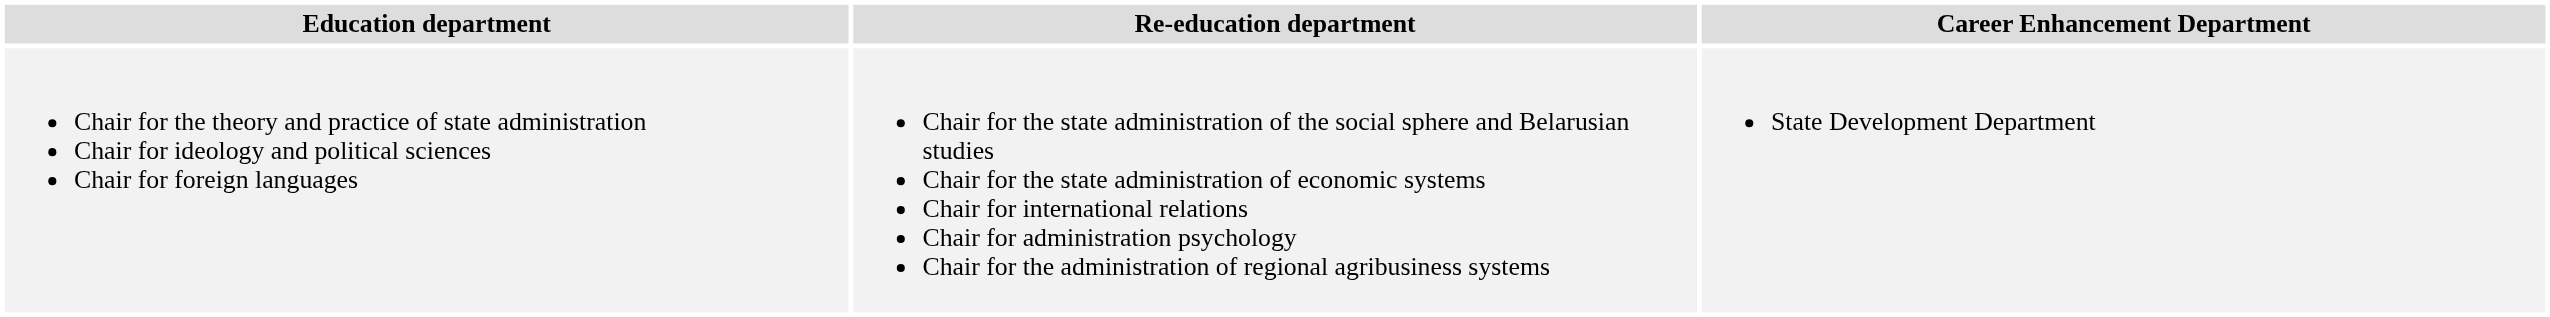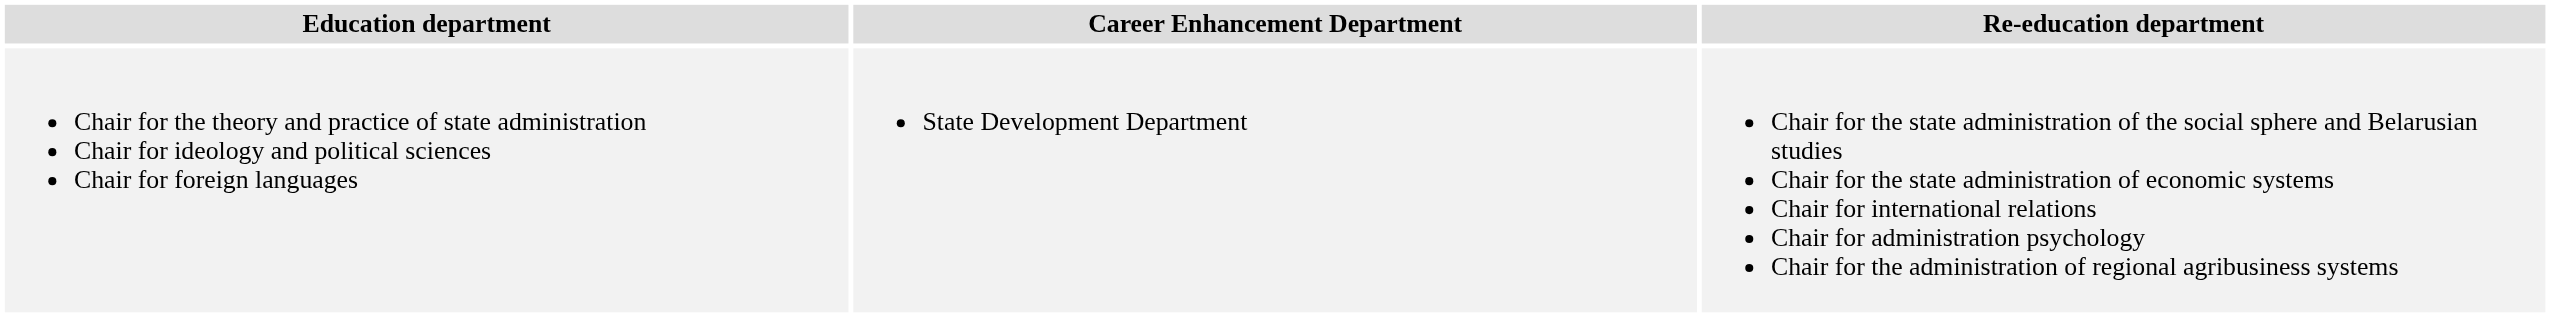 <table cellspacing="3" cellpadding="3">
 <tr ---- bgcolor="#DDDDDD">
 <th width="25%">Education department</th>
+<th width="25%">Career Enhancement Department</th>
 <th width="25%">Re-education department</th>
-<th width="25%">Career Enhancement Department</th>
 </tr>
 <tr ---- bgcolor="#F2F2F2">
 <td valign="top"><br><ul><li>Chair for the theory and practice of state administration</li><li>Chair for ideology and political sciences</li><li>Chair for foreign languages</li></ul></td>
+<td valign="top"><br><ul><li>State Development Department</li></ul></td>
 <td valign="top"><br><ul><li>Chair for the state administration of the social sphere and Belarusian studies</li><li>Chair for the state administration of economic systems</li><li>Chair for international relations</li><li>Chair for administration psychology</li><li>Chair for the administration of regional agribusiness systems</li></ul></td>
-<td valign="top"><br><ul><li>State Development Department</li></ul></td>
 </tr>
 </table>
